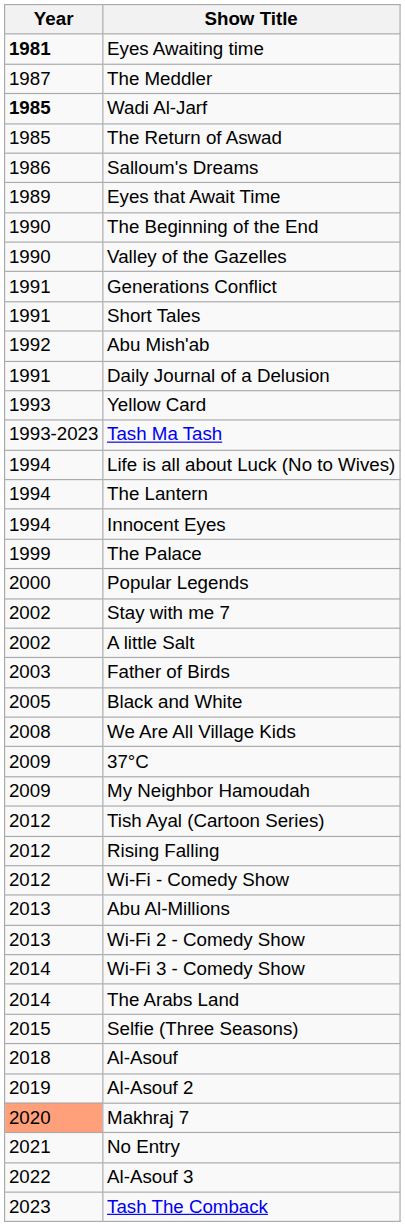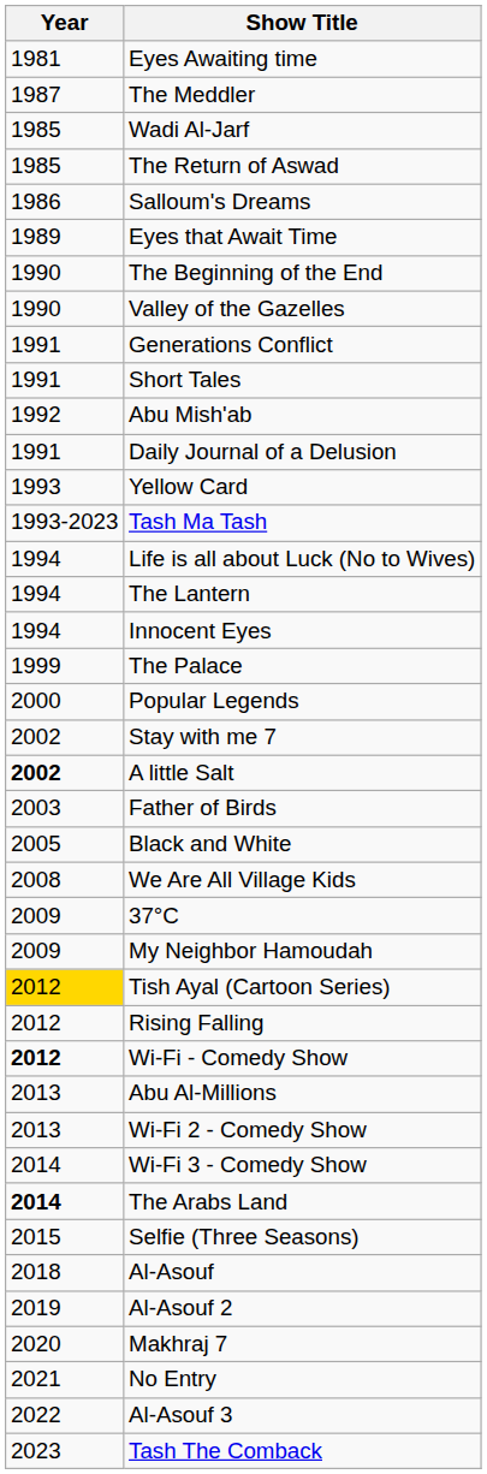 <table class="wikitable">
 <tr>
 <th>Year</th>
 <th>Show Title</th>
 </tr>
 <tr>
-<td><strong>1981</strong></td>
+<td>1981</td>
 <td>Eyes Awaiting time</td>
 </tr>
 <tr>
 <td>1987</td>
 <td>The Meddler</td>
 </tr>
 <tr>
-<td><strong>1985</strong></td>
+<td>1985</td>
 <td>Wadi Al-Jarf</td>
 </tr>
 <tr>
 <td>1985</td>
 <td>The Return of Aswad</td>
 </tr>
 <tr>
 <td>1986</td>
 <td>Salloum's Dreams</td>
 </tr>
 <tr>
 <td>1989</td>
 <td>Eyes that Await Time</td>
 </tr>
 <tr>
 <td>1990</td>
 <td>The Beginning of the End</td>
 </tr>
 <tr>
 <td>1990</td>
 <td>Valley of the Gazelles</td>
 </tr>
 <tr>
 <td>1991</td>
 <td>Generations Conflict</td>
 </tr>
 <tr>
 <td>1991</td>
 <td>Short Tales</td>
 </tr>
 <tr>
 <td>1992</td>
 <td>Abu Mish'ab</td>
 </tr>
 <tr>
 <td>1991</td>
 <td>Daily Journal of a Delusion</td>
 </tr>
 <tr>
 <td>1993</td>
 <td>Yellow Card</td>
 </tr>
 <tr>
 <td>1993-2023</td>
 <td><a href='#'>Tash Ma Tash</a></td>
 </tr>
 <tr>
 <td>1994</td>
 <td>Life is all about Luck (No to Wives)</td>
 </tr>
 <tr>
 <td>1994</td>
 <td>The Lantern</td>
 </tr>
 <tr>
 <td>1994</td>
 <td>Innocent Eyes</td>
 </tr>
 <tr>
 <td>1999</td>
 <td>The Palace</td>
 </tr>
 <tr>
 <td>2000</td>
 <td>Popular Legends</td>
 </tr>
 <tr>
 <td>2002</td>
 <td>Stay with me 7</td>
 </tr>
 <tr>
-<td>2002</td>
+<td><strong>2002</strong></td>
 <td>A little Salt</td>
 </tr>
 <tr>
 <td>2003</td>
 <td>Father of Birds</td>
 </tr>
 <tr>
 <td>2005</td>
 <td>Black and White</td>
 </tr>
 <tr>
 <td>2008</td>
 <td>We Are All Village Kids</td>
 </tr>
 <tr>
 <td>2009</td>
 <td>37°C</td>
 </tr>
 <tr>
 <td>2009</td>
 <td>My Neighbor Hamoudah</td>
 </tr>
 <tr>
-<td>2012</td>
+<td style="background: gold;">2012</td>
 <td>Tish Ayal (Cartoon Series)</td>
 </tr>
 <tr>
 <td>2012</td>
 <td>Rising Falling</td>
 </tr>
 <tr>
-<td>2012</td>
+<td><strong>2012</strong></td>
 <td>Wi-Fi - Comedy Show</td>
 </tr>
 <tr>
 <td>2013</td>
 <td>Abu Al-Millions</td>
 </tr>
 <tr>
 <td>2013</td>
 <td>Wi-Fi 2 - Comedy Show</td>
 </tr>
 <tr>
 <td>2014</td>
 <td>Wi-Fi 3 - Comedy Show</td>
 </tr>
 <tr>
-<td>2014</td>
+<td><strong>2014</strong></td>
 <td>The Arabs Land</td>
 </tr>
 <tr>
 <td>2015</td>
 <td>Selfie (Three Seasons)</td>
 </tr>
 <tr>
 <td>2018</td>
 <td>Al-Asouf</td>
 </tr>
 <tr>
 <td>2019</td>
 <td>Al-Asouf 2</td>
 </tr>
 <tr>
-<td style="background: lightsalmon;">2020</td>
+<td>2020</td>
 <td>Makhraj 7</td>
 </tr>
 <tr>
 <td>2021</td>
 <td>No Entry</td>
 </tr>
 <tr>
 <td>2022</td>
 <td>Al-Asouf 3</td>
 </tr>
 <tr>
 <td>2023</td>
 <td><a href='#'>Tash The Comback</a></td>
 </tr>
 </table>
